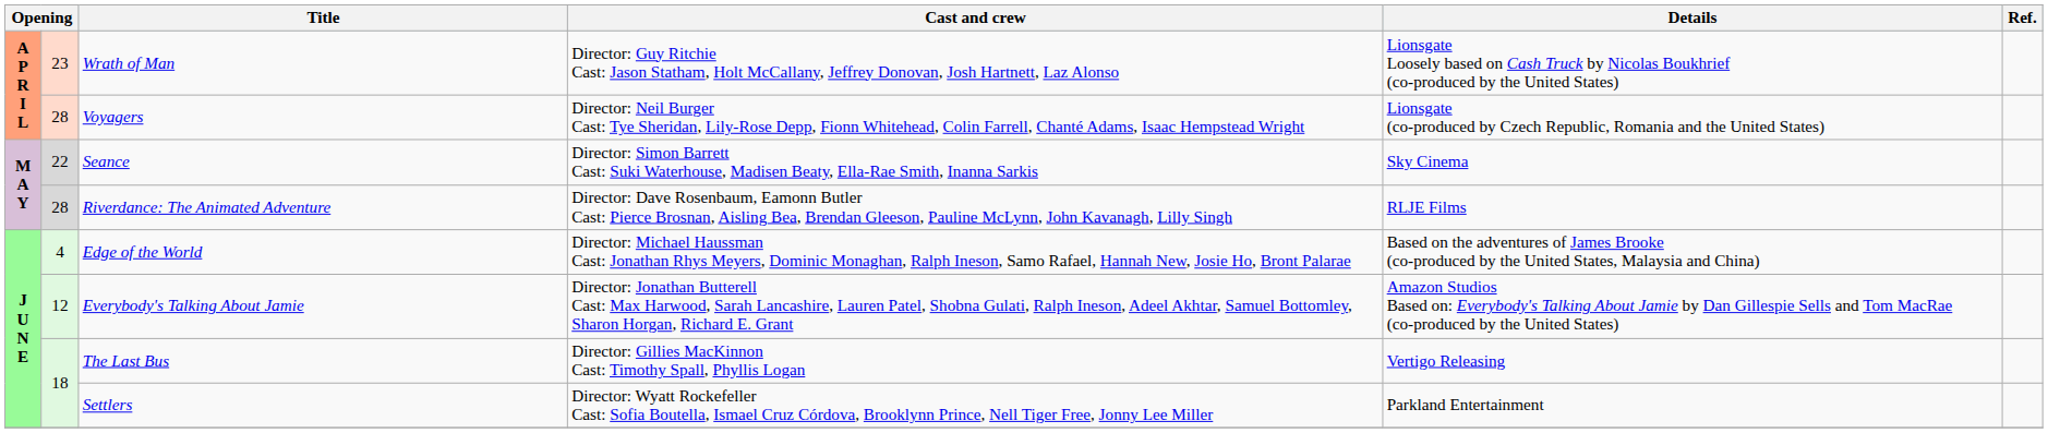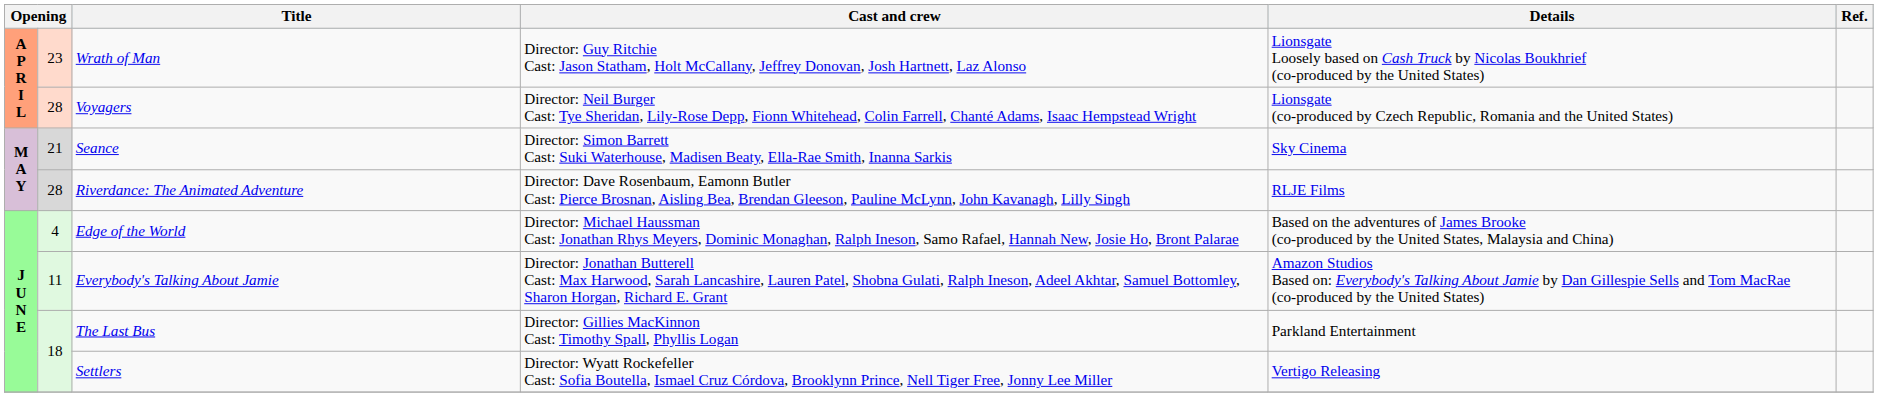 <table class="wikitable">
 <tr style="background:#b0e0e6; text-align:center;">
 <th colspan="2">Opening</th>
 <th style="width:24%;">Title</th>
 <th style="width:40%;">Cast and crew</th>
 <th>Details</th>
 <th style="width:2%;">Ref.</th>
 </tr>
 <tr>
 <th rowspan="2" style="text-align:center; background:#ffa07a; textcolor:#000;">A<br>P<br>R<br>I<br>L</th>
 <td rowspan="1" style="text-align:center; background:#ffdacc;">23</td>
 <td><em><a href='#'>Wrath of Man</a></em></td>
 <td>Director: <a href='#'>Guy Ritchie</a> <br> Cast: <a href='#'>Jason Statham</a>, <a href='#'>Holt McCallany</a>, <a href='#'>Jeffrey Donovan</a>, <a href='#'>Josh Hartnett</a>, <a href='#'>Laz Alonso</a></td>
 <td><a href='#'>Lionsgate</a> <br> Loosely based on <em><a href='#'>Cash Truck</a></em> by <a href='#'>Nicolas Boukhrief</a> <br> (co-produced by the United States)</td>
 <td style="text-align:center"></td>
 </tr>
 <tr>
 <td rowspan="1" style="text-align:center; background:#ffdacc;">28</td>
 <td><em><a href='#'>Voyagers</a></em></td>
 <td>Director: <a href='#'>Neil Burger</a> <br> Cast: <a href='#'>Tye Sheridan</a>, <a href='#'>Lily-Rose Depp</a>, <a href='#'>Fionn Whitehead</a>, <a href='#'>Colin Farrell</a>, <a href='#'>Chanté Adams</a>, <a href='#'>Isaac Hempstead Wright</a></td>
 <td><a href='#'>Lionsgate</a> <br> (co-produced by Czech Republic, Romania and the United States)</td>
 <td></td>
 </tr>
 <tr>
 <th rowspan="2" style="text-align:center; background:thistle; textcolor:#000;">M<br>A<br>Y<br></th>
-<td rowspan="1" style="text-align:center; background:#d8d8d8;">22</td>
+<td rowspan="1" style="text-align:center; background:#d8d8d8;">21</td>
 <td><em><a href='#'>Seance</a></em></td>
 <td>Director: <a href='#'>Simon Barrett</a> <br> Cast: <a href='#'>Suki Waterhouse</a>, <a href='#'>Madisen Beaty</a>, <a href='#'>Ella-Rae Smith</a>, <a href='#'>Inanna Sarkis</a></td>
 <td><a href='#'>Sky Cinema</a></td>
 <td></td>
 </tr>
 <tr>
 <td rowspan="1" style="text-align:center; background:#d8d8d8;">28</td>
 <td><em><a href='#'>Riverdance: The Animated Adventure</a></em></td>
 <td>Director: Dave Rosenbaum, Eamonn Butler <br> Cast: <a href='#'>Pierce Brosnan</a>, <a href='#'>Aisling Bea</a>, <a href='#'>Brendan Gleeson</a>, <a href='#'>Pauline McLynn</a>, <a href='#'>John Kavanagh</a>, <a href='#'>Lilly Singh</a></td>
 <td><a href='#'>RLJE Films</a></td>
 <td></td>
 </tr>
 <tr>
 <th rowspan="4" style="text-align:center; background:#98fb98; textcolor:#000;">J<br>U<br>N<br>E</th>
 <td rowspan="1" style="text-align:center; background:#e0f9e0;">4</td>
 <td><em><a href='#'>Edge of the World</a></em></td>
 <td>Director: <a href='#'>Michael Haussman</a> <br> Cast: <a href='#'>Jonathan Rhys Meyers</a>, <a href='#'>Dominic Monaghan</a>, <a href='#'>Ralph Ineson</a>, Samo Rafael, <a href='#'>Hannah New</a>, <a href='#'>Josie Ho</a>, <a href='#'>Bront Palarae</a></td>
 <td>Based on the adventures of <a href='#'>James Brooke</a> <br> (co-produced by the United States, Malaysia and China)</td>
 <td style="text-align:center"></td>
 </tr>
 <tr>
-<td rowspan="1" style="text-align:center; background:#e0f9e0;">12</td>
+<td rowspan="1" style="text-align:center; background:#e0f9e0;">11</td>
 <td><em><a href='#'>Everybody's Talking About Jamie</a></em></td>
 <td>Director: <a href='#'>Jonathan Butterell</a> <br> Cast: <a href='#'>Max Harwood</a>, <a href='#'>Sarah Lancashire</a>, <a href='#'>Lauren Patel</a>, <a href='#'>Shobna Gulati</a>, <a href='#'>Ralph Ineson</a>, <a href='#'>Adeel Akhtar</a>, <a href='#'>Samuel Bottomley</a>, <a href='#'>Sharon Horgan</a>, <a href='#'>Richard E. Grant</a></td>
 <td><a href='#'>Amazon Studios</a> <br> Based on: <em><a href='#'>Everybody's Talking About Jamie</a></em> by <a href='#'>Dan Gillespie Sells</a> and <a href='#'>Tom MacRae</a> <br> (co-produced by the United States)</td>
 <td style="text-align:center"></td>
 </tr>
 <tr>
 <td rowspan="2" style="text-align:center; background:#e0f9e0;">18</td>
 <td><em><a href='#'>The Last Bus</a></em></td>
 <td>Director: <a href='#'>Gillies MacKinnon</a> <br> Cast: <a href='#'>Timothy Spall</a>, <a href='#'>Phyllis Logan</a></td>
-<td><a href='#'>Vertigo Releasing</a></td>
+<td>Parkland Entertainment</td>
 <td style="text-align:center"></td>
 </tr>
 <tr>
 <td><em><a href='#'>Settlers</a></em></td>
 <td>Director: Wyatt Rockefeller <br> Cast: <a href='#'>Sofia Boutella</a>, <a href='#'>Ismael Cruz Córdova</a>, <a href='#'>Brooklynn Prince</a>, <a href='#'>Nell Tiger Free</a>, <a href='#'>Jonny Lee Miller</a></td>
-<td>Parkland Entertainment</td>
+<td><a href='#'>Vertigo Releasing</a></td>
 <td></td>
 </tr>
 <tr>
 </tr>
 </table>
